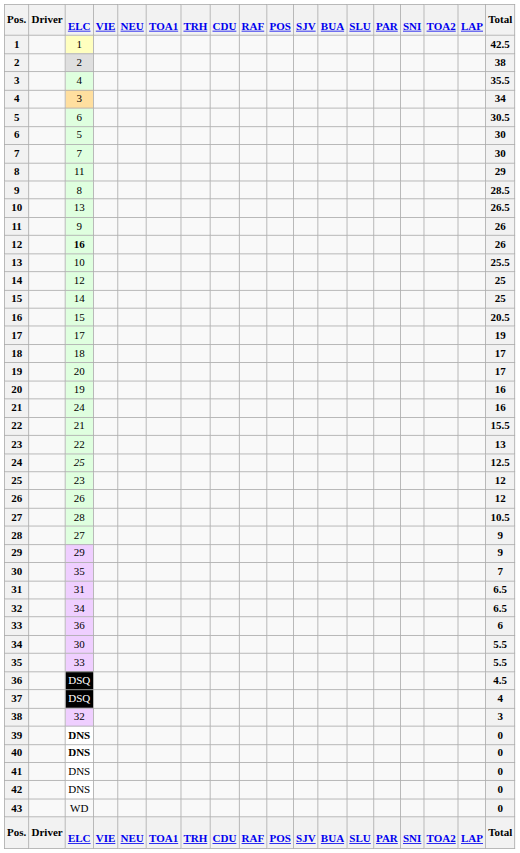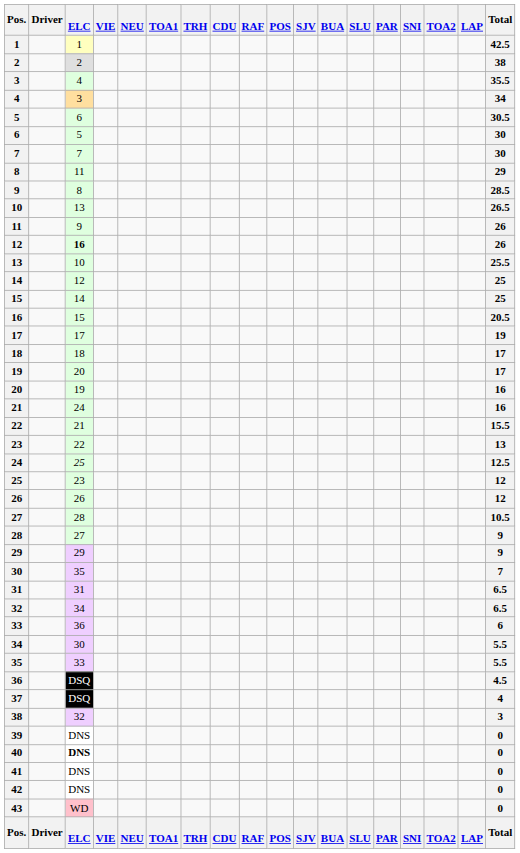 <table class="wikitable" style="text-align:center; font-size: 85%">
 <tr>
 <th>Pos.</th>
 <th>Driver</th>
 <th><br><a href='#'>ELC</a></th>
 <th><br><a href='#'>VIE</a></th>
 <th><br><a href='#'>NEU</a></th>
 <th><br><a href='#'>TOA1</a></th>
 <th><br><a href='#'>TRH</a></th>
 <th><br><a href='#'>CDU</a></th>
 <th><br><a href='#'>RAF</a></th>
 <th><br><a href='#'>POS</a></th>
 <th><br><a href='#'>SJV</a></th>
 <th><br><a href='#'>BUA</a></th>
 <th><br><a href='#'>SLU</a></th>
 <th><br><a href='#'>PAR</a></th>
 <th><br><a href='#'>SNI</a></th>
 <th><br><a href='#'>TOA2</a></th>
 <th><br><a href='#'>LAP</a></th>
 <th>Total</th>
 </tr>
 <tr>
 <th>1</th>
 <td align="left"></td>
 <td style="background:#ffffbf;">1</td>
 <td></td>
 <td></td>
 <td></td>
 <td></td>
 <td></td>
 <td></td>
 <td></td>
 <td></td>
 <td></td>
 <td></td>
 <td></td>
 <td></td>
 <td></td>
 <td></td>
 <th>42.5</th>
 </tr>
 <tr>
 <th>2</th>
 <td align="left"></td>
 <td style="background:#dfdfdf;">2</td>
 <td></td>
 <td></td>
 <td></td>
 <td></td>
 <td></td>
 <td></td>
 <td></td>
 <td></td>
 <td></td>
 <td></td>
 <td></td>
 <td></td>
 <td></td>
 <td></td>
 <th>38</th>
 </tr>
 <tr>
 <th>3</th>
 <td align="left"></td>
 <td style="background:#dfffdf;">4</td>
 <td></td>
 <td></td>
 <td></td>
 <td></td>
 <td></td>
 <td></td>
 <td></td>
 <td></td>
 <td></td>
 <td></td>
 <td></td>
 <td></td>
 <td></td>
 <td></td>
 <th>35.5</th>
 </tr>
 <tr>
 <th>4</th>
 <td align="left"></td>
 <td style="background:#ffdf9f;">3</td>
 <td></td>
 <td></td>
 <td></td>
 <td></td>
 <td></td>
 <td></td>
 <td></td>
 <td></td>
 <td></td>
 <td></td>
 <td></td>
 <td></td>
 <td></td>
 <td></td>
 <th>34</th>
 </tr>
 <tr>
 <th>5</th>
 <td align="left"></td>
 <td style="background:#dfffdf;">6</td>
 <td></td>
 <td></td>
 <td></td>
 <td></td>
 <td></td>
 <td></td>
 <td></td>
 <td></td>
 <td></td>
 <td></td>
 <td></td>
 <td></td>
 <td></td>
 <td></td>
 <th>30.5</th>
 </tr>
 <tr>
 <th>6</th>
 <td align="left"></td>
 <td style="background:#dfffdf;">5</td>
 <td></td>
 <td></td>
 <td></td>
 <td></td>
 <td></td>
 <td></td>
 <td></td>
 <td></td>
 <td></td>
 <td></td>
 <td></td>
 <td></td>
 <td></td>
 <td></td>
 <th>30</th>
 </tr>
 <tr>
 <th>7</th>
 <td align="left"></td>
 <td style="background:#dfffdf;">7</td>
 <td></td>
 <td></td>
 <td></td>
 <td></td>
 <td></td>
 <td></td>
 <td></td>
 <td></td>
 <td></td>
 <td></td>
 <td></td>
 <td></td>
 <td></td>
 <td></td>
 <th>30</th>
 </tr>
 <tr>
 <th>8</th>
 <td align="left"></td>
 <td style="background:#dfffdf;">11</td>
 <td></td>
 <td></td>
 <td></td>
 <td></td>
 <td></td>
 <td></td>
 <td></td>
 <td></td>
 <td></td>
 <td></td>
 <td></td>
 <td></td>
 <td></td>
 <td></td>
 <th>29</th>
 </tr>
 <tr>
 <th>9</th>
 <td align="left"></td>
 <td style="background:#dfffdf;">8</td>
 <td></td>
 <td></td>
 <td></td>
 <td></td>
 <td></td>
 <td></td>
 <td></td>
 <td></td>
 <td></td>
 <td></td>
 <td></td>
 <td></td>
 <td></td>
 <td></td>
 <th>28.5</th>
 </tr>
 <tr>
 <th>10</th>
 <td align="left"></td>
 <td style="background:#dfffdf;">13</td>
 <td></td>
 <td></td>
 <td></td>
 <td></td>
 <td></td>
 <td></td>
 <td></td>
 <td></td>
 <td></td>
 <td></td>
 <td></td>
 <td></td>
 <td></td>
 <td></td>
 <th>26.5</th>
 </tr>
 <tr>
 <th>11</th>
 <td align="left"></td>
 <td style="background:#dfffdf;">9</td>
 <td></td>
 <td></td>
 <td></td>
 <td></td>
 <td></td>
 <td></td>
 <td></td>
 <td></td>
 <td></td>
 <td></td>
 <td></td>
 <td></td>
 <td></td>
 <td></td>
 <th>26</th>
 </tr>
 <tr>
 <th>12</th>
 <td align="left"></td>
 <td style="background:#dfffdf;"><strong>16</strong></td>
 <td></td>
 <td></td>
 <td></td>
 <td></td>
 <td></td>
 <td></td>
 <td></td>
 <td></td>
 <td></td>
 <td></td>
 <td></td>
 <td></td>
 <td></td>
 <td></td>
 <th>26</th>
 </tr>
 <tr>
 <th>13</th>
 <td align="left"></td>
 <td style="background:#dfffdf;">10</td>
 <td></td>
 <td></td>
 <td></td>
 <td></td>
 <td></td>
 <td></td>
 <td></td>
 <td></td>
 <td></td>
 <td></td>
 <td></td>
 <td></td>
 <td></td>
 <td></td>
 <th>25.5</th>
 </tr>
 <tr>
 <th>14</th>
 <td align="left"></td>
 <td style="background:#dfffdf;">12</td>
 <td></td>
 <td></td>
 <td></td>
 <td></td>
 <td></td>
 <td></td>
 <td></td>
 <td></td>
 <td></td>
 <td></td>
 <td></td>
 <td></td>
 <td></td>
 <td></td>
 <th>25</th>
 </tr>
 <tr>
 <th>15</th>
 <td align="left"></td>
 <td style="background:#dfffdf;">14</td>
 <td></td>
 <td></td>
 <td></td>
 <td></td>
 <td></td>
 <td></td>
 <td></td>
 <td></td>
 <td></td>
 <td></td>
 <td></td>
 <td></td>
 <td></td>
 <td></td>
 <th>25</th>
 </tr>
 <tr>
 <th>16</th>
 <td align="left"></td>
 <td style="background:#dfffdf;">15</td>
 <td></td>
 <td></td>
 <td></td>
 <td></td>
 <td></td>
 <td></td>
 <td></td>
 <td></td>
 <td></td>
 <td></td>
 <td></td>
 <td></td>
 <td></td>
 <td></td>
 <th>20.5</th>
 </tr>
 <tr>
 <th>17</th>
 <td align="left"></td>
 <td style="background:#dfffdf;">17</td>
 <td></td>
 <td></td>
 <td></td>
 <td></td>
 <td></td>
 <td></td>
 <td></td>
 <td></td>
 <td></td>
 <td></td>
 <td></td>
 <td></td>
 <td></td>
 <td></td>
 <th>19</th>
 </tr>
 <tr>
 <th>18</th>
 <td align="left"></td>
 <td style="background:#dfffdf;">18</td>
 <td></td>
 <td></td>
 <td></td>
 <td></td>
 <td></td>
 <td></td>
 <td></td>
 <td></td>
 <td></td>
 <td></td>
 <td></td>
 <td></td>
 <td></td>
 <td></td>
 <th>17</th>
 </tr>
 <tr>
 <th>19</th>
 <td align="left"></td>
 <td style="background:#dfffdf;">20</td>
 <td></td>
 <td></td>
 <td></td>
 <td></td>
 <td></td>
 <td></td>
 <td></td>
 <td></td>
 <td></td>
 <td></td>
 <td></td>
 <td></td>
 <td></td>
 <td></td>
 <th>17</th>
 </tr>
 <tr>
 <th>20</th>
 <td align="left"></td>
 <td style="background:#dfffdf;">19</td>
 <td></td>
 <td></td>
 <td></td>
 <td></td>
 <td></td>
 <td></td>
 <td></td>
 <td></td>
 <td></td>
 <td></td>
 <td></td>
 <td></td>
 <td></td>
 <td></td>
 <th>16</th>
 </tr>
 <tr>
 <th>21</th>
 <td align="left"></td>
 <td style="background:#dfffdf;">24</td>
 <td></td>
 <td></td>
 <td></td>
 <td></td>
 <td></td>
 <td></td>
 <td></td>
 <td></td>
 <td></td>
 <td></td>
 <td></td>
 <td></td>
 <td></td>
 <td></td>
 <th>16</th>
 </tr>
 <tr>
 <th>22</th>
 <td align="left"></td>
 <td style="background:#dfffdf;">21</td>
 <td></td>
 <td></td>
 <td></td>
 <td></td>
 <td></td>
 <td></td>
 <td></td>
 <td></td>
 <td></td>
 <td></td>
 <td></td>
 <td></td>
 <td></td>
 <td></td>
 <th>15.5</th>
 </tr>
 <tr>
 <th>23</th>
 <td align="left"></td>
 <td style="background:#dfffdf;">22</td>
 <td></td>
 <td></td>
 <td></td>
 <td></td>
 <td></td>
 <td></td>
 <td></td>
 <td></td>
 <td></td>
 <td></td>
 <td></td>
 <td></td>
 <td></td>
 <td></td>
 <th>13</th>
 </tr>
 <tr>
 <th>24</th>
 <td align="left"></td>
 <td style="background:#dfffdf;"><em>25</em></td>
 <td></td>
 <td></td>
 <td></td>
 <td></td>
 <td></td>
 <td></td>
 <td></td>
 <td></td>
 <td></td>
 <td></td>
 <td></td>
 <td></td>
 <td></td>
 <td></td>
 <th>12.5</th>
 </tr>
 <tr>
 <th>25</th>
 <td align="left"></td>
 <td style="background:#dfffdf;">23</td>
 <td></td>
 <td></td>
 <td></td>
 <td></td>
 <td></td>
 <td></td>
 <td></td>
 <td></td>
 <td></td>
 <td></td>
 <td></td>
 <td></td>
 <td></td>
 <td></td>
 <th>12</th>
 </tr>
 <tr>
 <th>26</th>
 <td align="left"></td>
 <td style="background:#dfffdf;">26</td>
 <td></td>
 <td></td>
 <td></td>
 <td></td>
 <td></td>
 <td></td>
 <td></td>
 <td></td>
 <td></td>
 <td></td>
 <td></td>
 <td></td>
 <td></td>
 <td></td>
 <th>12</th>
 </tr>
 <tr>
 <th>27</th>
 <td align="left"></td>
 <td style="background:#dfffdf;">28</td>
 <td></td>
 <td></td>
 <td></td>
 <td></td>
 <td></td>
 <td></td>
 <td></td>
 <td></td>
 <td></td>
 <td></td>
 <td></td>
 <td></td>
 <td></td>
 <td></td>
 <th>10.5</th>
 </tr>
 <tr>
 <th>28</th>
 <td align="left"></td>
 <td style="background:#dfffdf;">27</td>
 <td></td>
 <td></td>
 <td></td>
 <td></td>
 <td></td>
 <td></td>
 <td></td>
 <td></td>
 <td></td>
 <td></td>
 <td></td>
 <td></td>
 <td></td>
 <td></td>
 <th>9</th>
 </tr>
 <tr>
 <th>29</th>
 <td align="left"></td>
 <td style="background:#efcfff;">29</td>
 <td></td>
 <td></td>
 <td></td>
 <td></td>
 <td></td>
 <td></td>
 <td></td>
 <td></td>
 <td></td>
 <td></td>
 <td></td>
 <td></td>
 <td></td>
 <td></td>
 <th>9</th>
 </tr>
 <tr>
 <th>30</th>
 <td align="left"></td>
 <td style="background:#efcfff;">35</td>
 <td></td>
 <td></td>
 <td></td>
 <td></td>
 <td></td>
 <td></td>
 <td></td>
 <td></td>
 <td></td>
 <td></td>
 <td></td>
 <td></td>
 <td></td>
 <td></td>
 <th>7</th>
 </tr>
 <tr>
 <th>31</th>
 <td align="left"></td>
 <td style="background:#efcfff;">31</td>
 <td></td>
 <td></td>
 <td></td>
 <td></td>
 <td></td>
 <td></td>
 <td></td>
 <td></td>
 <td></td>
 <td></td>
 <td></td>
 <td></td>
 <td></td>
 <td></td>
 <th>6.5</th>
 </tr>
 <tr>
 <th>32</th>
 <td align="left"></td>
 <td style="background:#efcfff;">34</td>
 <td></td>
 <td></td>
 <td></td>
 <td></td>
 <td></td>
 <td></td>
 <td></td>
 <td></td>
 <td></td>
 <td></td>
 <td></td>
 <td></td>
 <td></td>
 <td></td>
 <th>6.5</th>
 </tr>
 <tr>
 <th>33</th>
 <td align="left"></td>
 <td style="background:#efcfff;">36</td>
 <td></td>
 <td></td>
 <td></td>
 <td></td>
 <td></td>
 <td></td>
 <td></td>
 <td></td>
 <td></td>
 <td></td>
 <td></td>
 <td></td>
 <td></td>
 <td></td>
 <th>6</th>
 </tr>
 <tr>
 <th>34</th>
 <td align="left"></td>
 <td style="background:#efcfff;">30</td>
 <td></td>
 <td></td>
 <td></td>
 <td></td>
 <td></td>
 <td></td>
 <td></td>
 <td></td>
 <td></td>
 <td></td>
 <td></td>
 <td></td>
 <td></td>
 <td></td>
 <th>5.5</th>
 </tr>
 <tr>
 <th>35</th>
 <td align="left"></td>
 <td style="background:#efcfff;">33</td>
 <td></td>
 <td></td>
 <td></td>
 <td></td>
 <td></td>
 <td></td>
 <td></td>
 <td></td>
 <td></td>
 <td></td>
 <td></td>
 <td></td>
 <td></td>
 <td></td>
 <th>5.5</th>
 </tr>
 <tr>
 <th>36</th>
 <td align="left"></td>
 <td bgcolor="#000000" style="color:#FFFFFF">DSQ</td>
 <td></td>
 <td></td>
 <td></td>
 <td></td>
 <td></td>
 <td></td>
 <td></td>
 <td></td>
 <td></td>
 <td></td>
 <td></td>
 <td></td>
 <td></td>
 <td></td>
 <th>4.5</th>
 </tr>
 <tr>
 <th>37</th>
 <td align="left"></td>
 <td bgcolor="#000000" style="color:#FFFFFF">DSQ</td>
 <td></td>
 <td></td>
 <td></td>
 <td></td>
 <td></td>
 <td></td>
 <td></td>
 <td></td>
 <td></td>
 <td></td>
 <td></td>
 <td></td>
 <td></td>
 <td></td>
 <th>4</th>
 </tr>
 <tr>
 <th>38</th>
 <td align="left"></td>
 <td style="background:#efcfff;">32</td>
 <td></td>
 <td></td>
 <td></td>
 <td></td>
 <td></td>
 <td></td>
 <td></td>
 <td></td>
 <td></td>
 <td></td>
 <td></td>
 <td></td>
 <td></td>
 <td></td>
 <th>3</th>
 </tr>
 <tr>
 <th>39</th>
 <td align="left"></td>
-<td style="background:#ffffff;"><strong>DNS</strong></td>
+<td style="background:#ffffff;">DNS</td>
 <td></td>
 <td></td>
 <td></td>
 <td></td>
 <td></td>
 <td></td>
 <td></td>
 <td></td>
 <td></td>
 <td></td>
 <td></td>
 <td></td>
 <td></td>
 <td></td>
 <th>0</th>
 </tr>
 <tr>
 <th>40</th>
 <td align="left"></td>
 <td style="background:#ffffff;"><strong>DNS</strong></td>
 <td></td>
 <td></td>
 <td></td>
 <td></td>
 <td></td>
 <td></td>
 <td></td>
 <td></td>
 <td></td>
 <td></td>
 <td></td>
 <td></td>
 <td></td>
 <td></td>
 <th>0</th>
 </tr>
 <tr>
 <th>41</th>
 <td align="left"></td>
 <td style="background:#ffffff;">DNS</td>
 <td></td>
 <td></td>
 <td></td>
 <td></td>
 <td></td>
 <td></td>
 <td></td>
 <td></td>
 <td></td>
 <td></td>
 <td></td>
 <td></td>
 <td></td>
 <td></td>
 <th>0</th>
 </tr>
 <tr>
 <th>42</th>
 <td align="left"></td>
 <td style="background:#ffffff;">DNS</td>
 <td></td>
 <td></td>
 <td></td>
 <td></td>
 <td></td>
 <td></td>
 <td></td>
 <td></td>
 <td></td>
 <td></td>
 <td></td>
 <td></td>
 <td></td>
 <td></td>
 <th>0</th>
 </tr>
 <tr>
 <th>43</th>
 <td align="left"></td>
-<td>WD</td>
+<td style="background: pink;">WD</td>
 <td></td>
 <td></td>
 <td></td>
 <td></td>
 <td></td>
 <td></td>
 <td></td>
 <td></td>
 <td></td>
 <td></td>
 <td></td>
 <td></td>
 <td></td>
 <td></td>
 <th>0</th>
 </tr>
 <tr>
 <th>Pos.</th>
 <th>Driver</th>
 <th><br><a href='#'>ELC</a></th>
 <th><br><a href='#'>VIE</a></th>
 <th><br><a href='#'>NEU</a></th>
 <th><br><a href='#'>TOA1</a></th>
 <th><br><a href='#'>TRH</a></th>
 <th><br><a href='#'>CDU</a></th>
 <th><br><a href='#'>RAF</a></th>
 <th><br><a href='#'>POS</a></th>
 <th><br><a href='#'>SJV</a></th>
 <th><br><a href='#'>BUA</a></th>
 <th><br><a href='#'>SLU</a></th>
 <th><br><a href='#'>PAR</a></th>
 <th><br><a href='#'>SNI</a></th>
 <th><br><a href='#'>TOA2</a></th>
 <th><br><a href='#'>LAP</a></th>
 <th>Total</th>
 </tr>
 </table>
